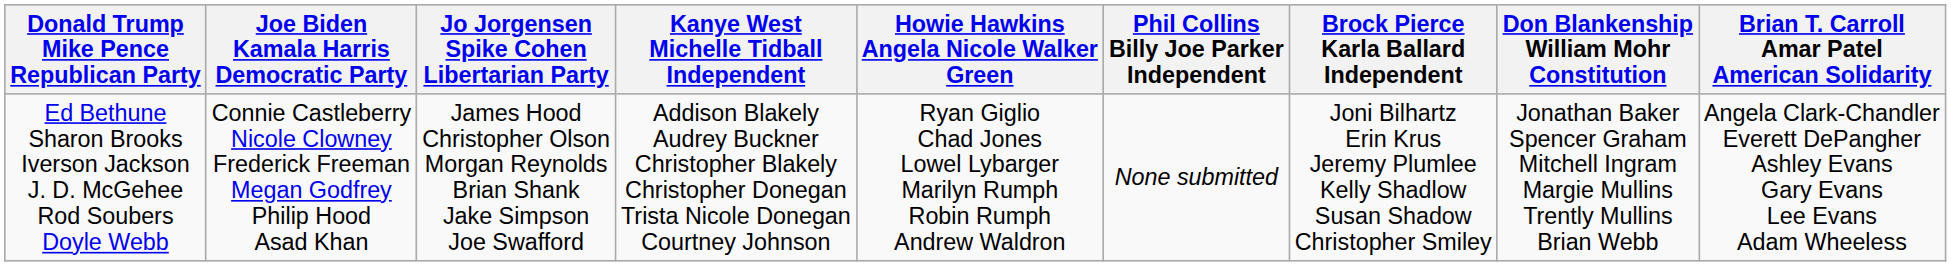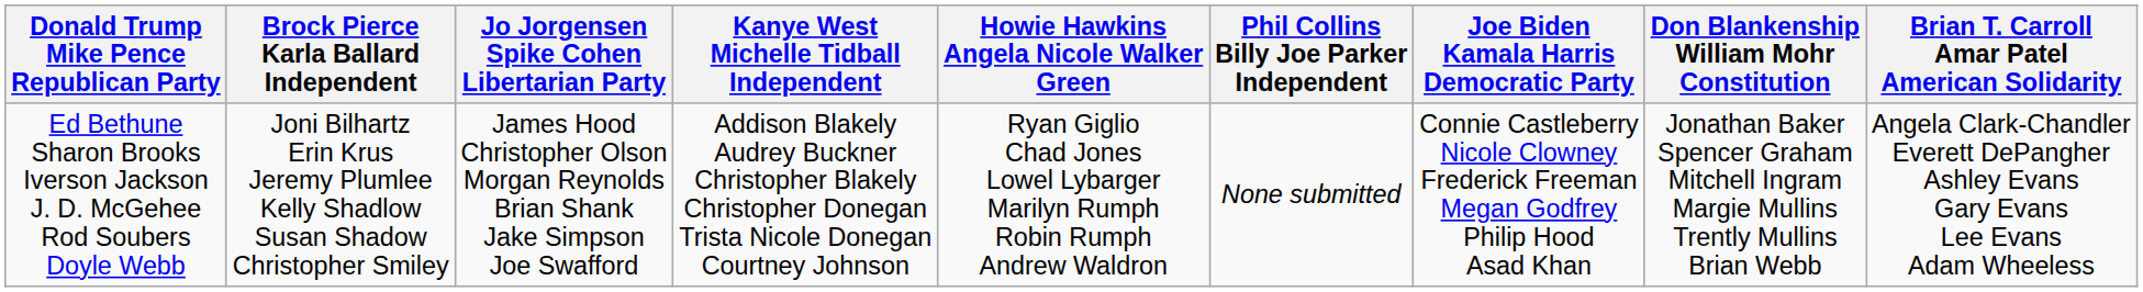 <table class="wikitable" style="font-size:90%;text-align:center;">
 <tr>
 <th><a href='#'>Donald Trump</a><br><a href='#'>Mike Pence</a><br><a href='#'>Republican Party</a></th>
-<th><a href='#'>Joe Biden</a><br><a href='#'>Kamala Harris</a><br><a href='#'>Democratic Party</a></th>
+<th><a href='#'>Brock Pierce</a><br>Karla Ballard<br>Independent</th>
 <th><a href='#'>Jo Jorgensen</a><br><a href='#'>Spike Cohen</a><br><a href='#'>Libertarian Party</a></th>
 <th><a href='#'>Kanye West</a><br><a href='#'>Michelle Tidball</a><br><a href='#'>Independent</a></th>
 <th><a href='#'>Howie Hawkins</a><br><a href='#'>Angela Nicole Walker</a><br><a href='#'>Green</a></th>
 <th><a href='#'>Phil Collins</a><br>Billy Joe Parker<br>Independent</th>
-<th><a href='#'>Brock Pierce</a><br>Karla Ballard<br>Independent</th>
+<th><a href='#'>Joe Biden</a><br><a href='#'>Kamala Harris</a><br><a href='#'>Democratic Party</a></th>
 <th><a href='#'>Don Blankenship</a><br>William Mohr<br><a href='#'>Constitution</a></th>
 <th><a href='#'>Brian T. Carroll</a><br>Amar Patel<br><a href='#'>American Solidarity</a></th>
 </tr>
 <tr>
 <td><a href='#'>Ed Bethune</a><br>Sharon Brooks<br>Iverson Jackson<br>J. D. McGehee<br>Rod Soubers<br><a href='#'>Doyle Webb</a></td>
-<td>Connie Castleberry<br><a href='#'>Nicole Clowney</a><br>Frederick Freeman<br><a href='#'>Megan Godfrey</a><br>Philip Hood<br>Asad Khan</td>
+<td>Joni Bilhartz<br>Erin Krus<br>Jeremy Plumlee<br>Kelly Shadlow<br>Susan Shadow<br>Christopher Smiley</td>
 <td>James Hood<br>Christopher Olson<br>Morgan Reynolds<br>Brian Shank<br>Jake Simpson<br>Joe Swafford</td>
 <td>Addison Blakely<br>Audrey Buckner<br>Christopher Blakely<br>Christopher Donegan<br>Trista Nicole Donegan<br>Courtney Johnson</td>
 <td>Ryan Giglio<br>Chad Jones<br>Lowel Lybarger<br>Marilyn Rumph<br>Robin Rumph<br>Andrew Waldron</td>
 <td><em>None submitted</em></td>
-<td>Joni Bilhartz<br>Erin Krus<br>Jeremy Plumlee<br>Kelly Shadlow<br>Susan Shadow<br>Christopher Smiley</td>
+<td>Connie Castleberry<br><a href='#'>Nicole Clowney</a><br>Frederick Freeman<br><a href='#'>Megan Godfrey</a><br>Philip Hood<br>Asad Khan</td>
 <td>Jonathan Baker<br>Spencer Graham<br>Mitchell Ingram<br>Margie Mullins<br>Trently Mullins<br>Brian Webb</td>
 <td>Angela Clark-Chandler<br>Everett DePangher<br>Ashley Evans<br>Gary Evans<br>Lee Evans<br>Adam Wheeless</td>
 </tr>
 </table>
